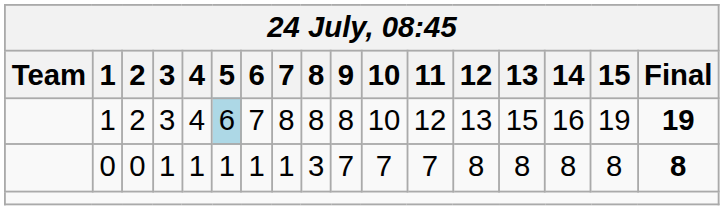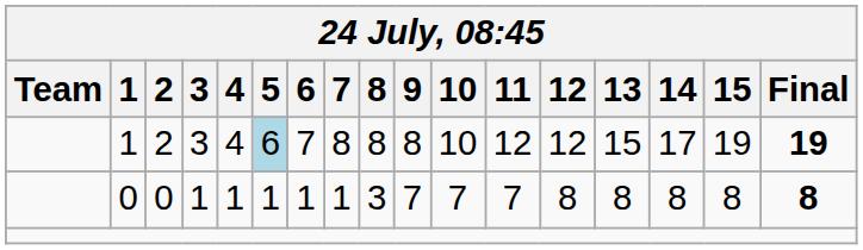 <table class=wikitable style="text-align:center; width: 55%">
 <tr>
 <th colspan=17><em>24 July, 08:45</em></th>
 </tr>
 <tr>
 <th>Team</th>
 <th>1</th>
 <th>2</th>
 <th>3</th>
 <th>4</th>
 <th>5</th>
 <th>6</th>
 <th>7</th>
 <th>8</th>
 <th>9</th>
 <th>10</th>
 <th>11</th>
 <th>12</th>
 <th>13</th>
 <th>14</th>
 <th>15</th>
 <th>Final</th>
 </tr>
 <tr>
 <td align=left><strong></strong></td>
 <td>1</td>
 <td>2</td>
 <td>3</td>
 <td>4</td>
 <td style="background: lightblue;">6</td>
 <td>7</td>
 <td>8</td>
 <td>8</td>
 <td>8</td>
 <td>10</td>
 <td>12</td>
-<td>13</td>
+<td>12</td>
 <td>15</td>
-<td>16</td>
+<td>17</td>
 <td>19</td>
 <td><strong>19</strong></td>
 </tr>
 <tr>
 <td align=left></td>
 <td>0</td>
 <td>0</td>
 <td>1</td>
 <td>1</td>
 <td>1</td>
 <td>1</td>
 <td>1</td>
 <td>3</td>
 <td>7</td>
 <td>7</td>
 <td>7</td>
 <td>8</td>
 <td>8</td>
 <td>8</td>
 <td>8</td>
 <td><strong>8</strong></td>
 </tr>
 <tr>
 <td colspan=17></td>
 </tr>
 </table>
